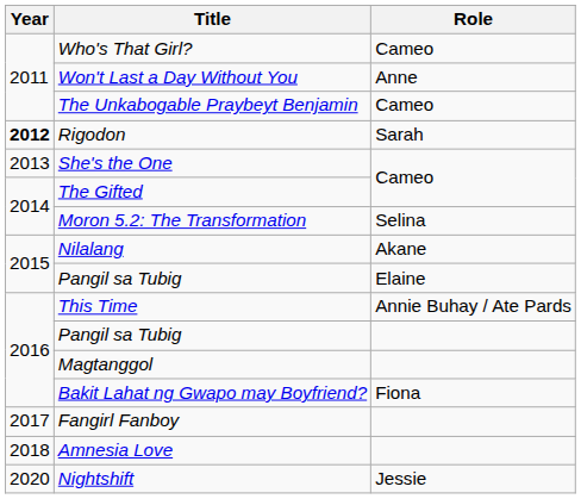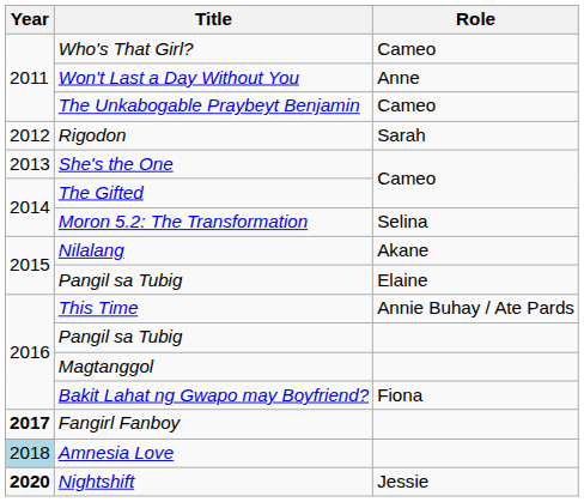 <table class="wikitable sortable">
 <tr>
 <th>Year</th>
 <th>Title</th>
 <th>Role</th>
 </tr>
 <tr>
 <td rowspan="3">2011</td>
 <td><em>Who's That Girl?</em></td>
 <td>Cameo</td>
 </tr>
 <tr>
 <td><em><a href='#'>Won't Last a Day Without You</a></em></td>
 <td>Anne</td>
 </tr>
 <tr>
 <td><em><a href='#'>The Unkabogable Praybeyt Benjamin</a></em></td>
 <td>Cameo</td>
 </tr>
 <tr>
-<td><strong>2012</strong></td>
+<td>2012</td>
 <td><em>Rigodon</em></td>
 <td>Sarah</td>
 </tr>
 <tr>
 <td>2013</td>
 <td><em><a href='#'>She's the One</a></em></td>
 <td rowspan="2">Cameo</td>
 </tr>
 <tr>
 <td rowspan="2">2014</td>
 <td><em><a href='#'>The Gifted</a></em></td>
 </tr>
 <tr>
 <td><em><a href='#'>Moron 5.2: The Transformation</a></em></td>
 <td>Selina</td>
 </tr>
 <tr>
 <td rowspan="2">2015</td>
 <td><em><a href='#'>Nilalang</a></em></td>
 <td>Akane</td>
 </tr>
 <tr>
 <td><em>Pangil sa Tubig</em></td>
 <td>Elaine</td>
 </tr>
 <tr>
 <td rowspan="4">2016</td>
 <td><em><a href='#'>This Time</a></em></td>
 <td>Annie Buhay / Ate Pards</td>
 </tr>
 <tr>
 <td><em>Pangil sa Tubig</em></td>
 <td></td>
 </tr>
 <tr>
 <td><em>Magtanggol</em></td>
 <td></td>
 </tr>
 <tr>
 <td><em><a href='#'>Bakit Lahat ng Gwapo may Boyfriend?</a></em></td>
 <td>Fiona</td>
 </tr>
 <tr>
-<td>2017</td>
+<td><strong>2017</strong></td>
 <td><em>Fangirl Fanboy</em></td>
 <td></td>
 </tr>
 <tr>
-<td>2018</td>
+<td style="background: lightblue;">2018</td>
 <td><em><a href='#'>Amnesia Love</a></em></td>
 <td></td>
 </tr>
 <tr>
-<td>2020</td>
+<td><strong>2020</strong></td>
 <td><em><a href='#'>Nightshift</a></em></td>
 <td>Jessie</td>
 </tr>
 </table>
